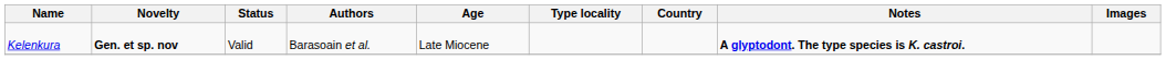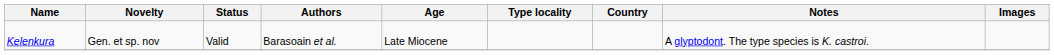 <table class="wikitable sortable" align="center" width="100%">
 <tr>
 <th>Name</th>
 <th>Novelty</th>
 <th>Status</th>
 <th>Authors</th>
 <th>Age</th>
 <th>Type locality</th>
 <th>Country</th>
 <th>Notes</th>
 <th>Images</th>
 </tr>
 <tr>
 <td><br><em><a href='#'>Kelenkura</a></em></td>
-<td><strong><br>Gen. et sp. nov</strong></td>
+<td><br>Gen. et sp. nov</td>
 <td><br>Valid</td>
 <td><br>Barasoain <em>et al.</em></td>
 <td><br>Late Miocene</td>
 <td></td>
 <td><br></td>
-<td><strong><br>A <a href='#'>glyptodont</a>. The type species is <em>K. castroi</em>.</strong></td>
+<td><br>A <a href='#'>glyptodont</a>. The type species is <em>K. castroi</em>.</td>
 <td></td>
 </tr>
 <tr>
 </tr>
 </table>
